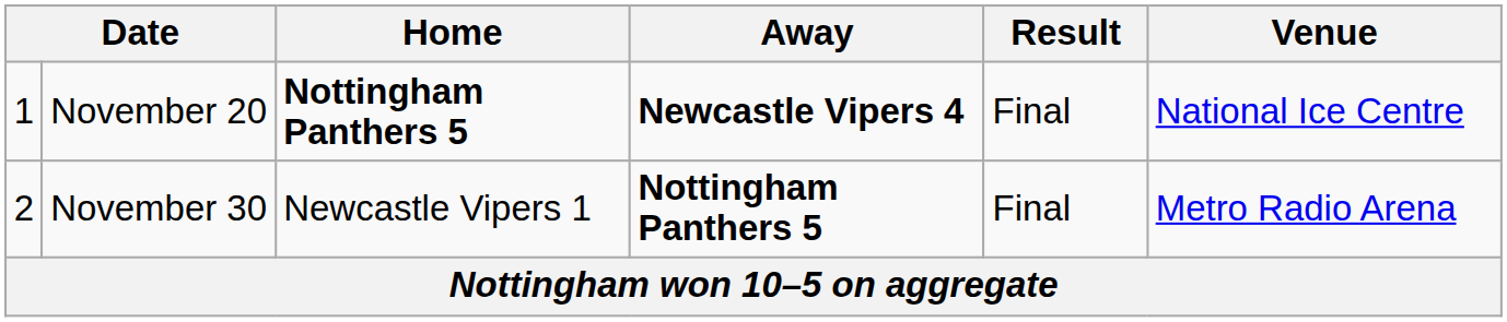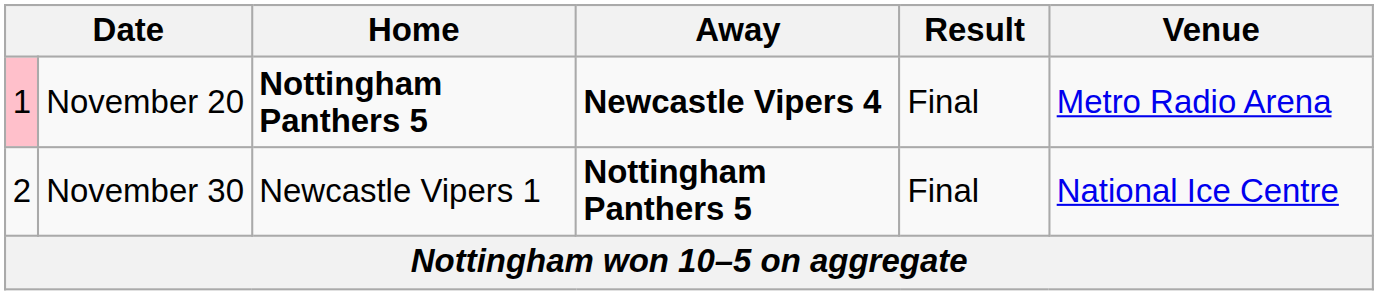 <table class="wikitable">
 <tr>
 <th colspan=2 width=75>Date</th>
 <th width=150>Home</th>
 <th width=150>Away</th>
 <th width=65>Result</th>
 <th width=150>Venue</th>
 </tr>
 <tr>
-<td>1</td>
+<td style="background: pink;">1</td>
 <td>November 20</td>
 <td><strong>Nottingham Panthers 5</strong></td>
 <td><strong>Newcastle Vipers 4</strong></td>
 <td>Final</td>
-<td><a href='#'>National Ice Centre</a></td>
+<td><a href='#'>Metro Radio Arena</a></td>
 </tr>
 <tr>
 <td>2</td>
 <td>November 30</td>
 <td>Newcastle Vipers 1</td>
 <td><strong>Nottingham Panthers 5</strong></td>
 <td>Final</td>
-<td><a href='#'>Metro Radio Arena</a></td>
+<td><a href='#'>National Ice Centre</a></td>
 </tr>
 <tr>
 <th colspan=8><strong><em>Nottingham won 10–5 on aggregate</em></strong></th>
 </tr>
 </table>
